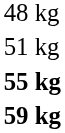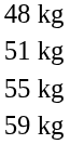 <table>
 <tr>
 <td>48 kg</td>
 <td></td>
 <td></td>
 <td></td>
 </tr>
 <tr>
 <td>51 kg</td>
 <td></td>
 <td></td>
 <td></td>
 </tr>
 <tr>
-<td><strong>55 kg</strong></td>
+<td>55 kg</td>
 <td></td>
 <td></td>
 <td></td>
 </tr>
 <tr>
-<td><strong>59 kg</strong></td>
+<td>59 kg</td>
 <td></td>
 <td></td>
 <td></td>
 </tr>
 </table>
